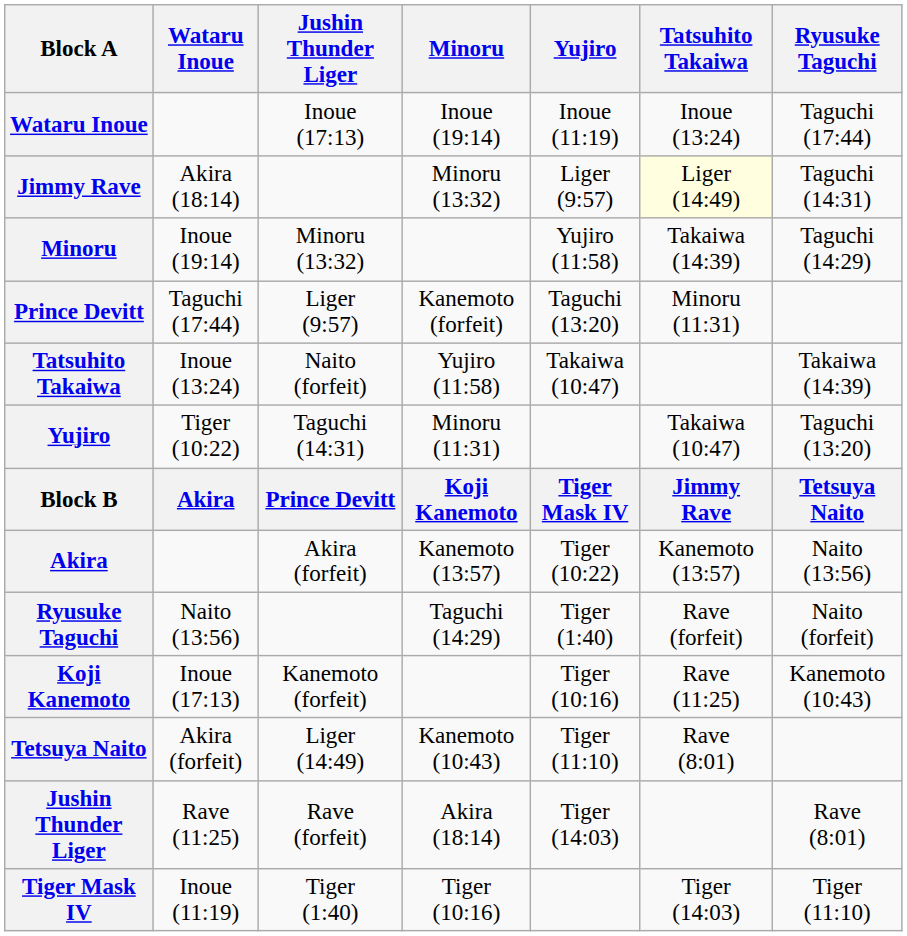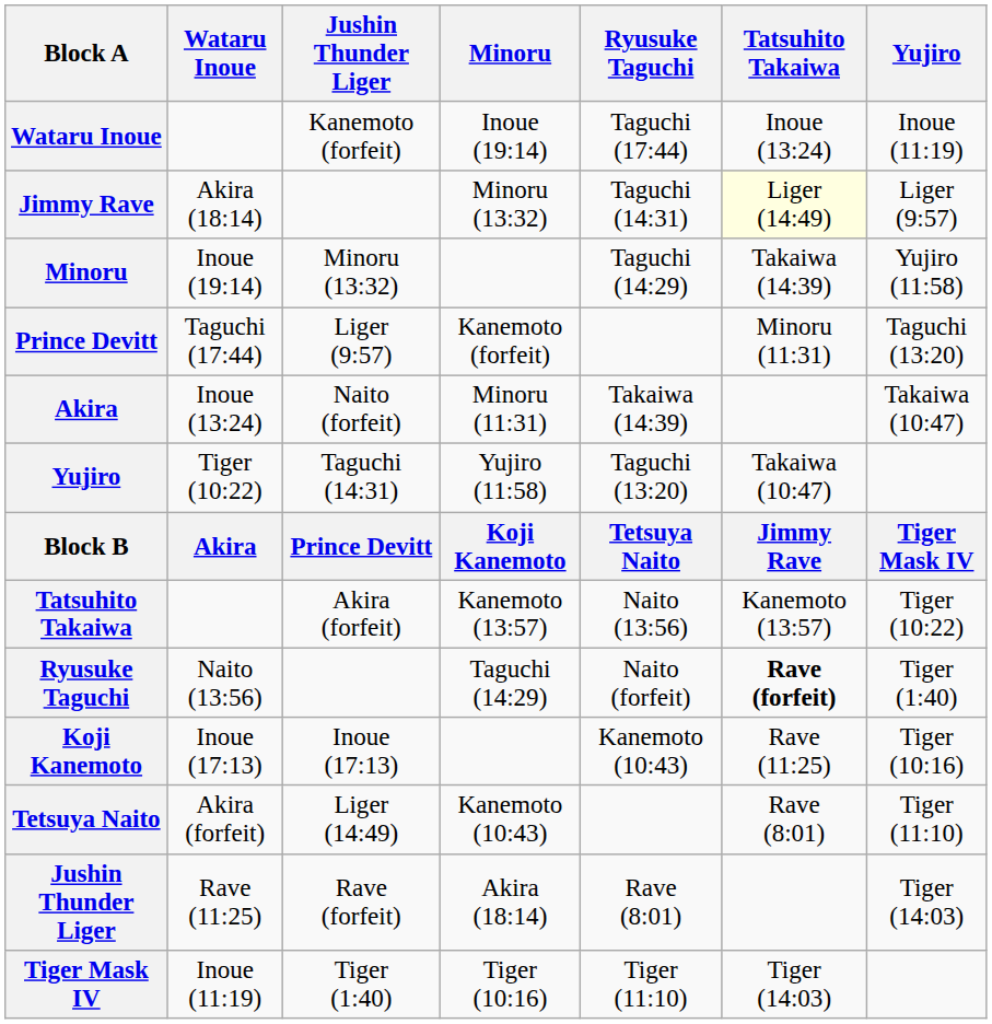 <table class="wikitable" style="margin: 1em auto 1em auto;text-align:center">
 <tr align="center">
 <th>Block A</th>
 <th><a href='#'>Wataru Inoue</a></th>
 <th><a href='#'>Jushin Thunder Liger</a></th>
 <th><a href='#'>Minoru</a></th>
+<th><a href='#'>Ryusuke Taguchi</a></th>
+<th><a href='#'>Tatsuhito Takaiwa</a></th>
 <th><a href='#'>Yujiro</a></th>
-<th><a href='#'>Tatsuhito Takaiwa</a></th>
-<th><a href='#'>Ryusuke Taguchi</a></th>
 </tr>
 <tr align="center">
 <th><a href='#'>Wataru Inoue</a></th>
 <td></td>
-<td>Inoue<br>(17:13)</td>
+<td>Kanemoto<br>(forfeit)</td>
 <td>Inoue<br>(19:14)</td>
+<td>Taguchi<br>(17:44)</td>
+<td>Inoue<br>(13:24)</td>
 <td>Inoue<br>(11:19)</td>
-<td>Inoue<br>(13:24)</td>
-<td>Taguchi<br>(17:44)</td>
 </tr>
 <tr align="center">
 <th><a href='#'>Jimmy Rave</a></th>
 <td>Akira<br>(18:14)</td>
 <td></td>
 <td>Minoru<br>(13:32)</td>
+<td>Taguchi<br>(14:31)</td>
+<td style="background: lightyellow;">Liger<br>(14:49)</td>
 <td>Liger<br>(9:57)</td>
-<td style="background: lightyellow;">Liger<br>(14:49)</td>
-<td>Taguchi<br>(14:31)</td>
 </tr>
 <tr align="center">
 <th><a href='#'>Minoru</a></th>
 <td>Inoue<br>(19:14)</td>
 <td>Minoru<br>(13:32)</td>
 <td></td>
+<td>Taguchi<br>(14:29)</td>
+<td>Takaiwa<br>(14:39)</td>
 <td>Yujiro<br>(11:58)</td>
-<td>Takaiwa<br>(14:39)</td>
-<td>Taguchi<br>(14:29)</td>
 </tr>
 <tr align="center">
 <th><a href='#'>Prince Devitt</a></th>
 <td>Taguchi<br>(17:44)</td>
 <td>Liger<br>(9:57)</td>
 <td>Kanemoto<br>(forfeit)</td>
+<td></td>
+<td>Minoru<br>(11:31)</td>
 <td>Taguchi<br>(13:20)</td>
-<td>Minoru<br>(11:31)</td>
-<td></td>
 </tr>
 <tr align="center">
-<th><a href='#'>Tatsuhito Takaiwa</a></th>
+<th><a href='#'>Akira</a></th>
 <td>Inoue<br>(13:24)</td>
 <td>Naito<br>(forfeit)</td>
-<td>Yujiro<br>(11:58)</td>
+<td>Minoru<br>(11:31)</td>
+<td>Takaiwa<br>(14:39)</td>
+<td></td>
 <td>Takaiwa<br>(10:47)</td>
-<td></td>
-<td>Takaiwa<br>(14:39)</td>
 </tr>
 <tr align="center">
 <th><a href='#'>Yujiro</a></th>
 <td>Tiger<br>(10:22)</td>
 <td>Taguchi<br>(14:31)</td>
-<td>Minoru<br>(11:31)</td>
+<td>Yujiro<br>(11:58)</td>
+<td>Taguchi<br>(13:20)</td>
+<td>Takaiwa<br>(10:47)</td>
 <td></td>
-<td>Takaiwa<br>(10:47)</td>
-<td>Taguchi<br>(13:20)</td>
 </tr>
 <tr align="center">
 <th>Block B</th>
 <th><a href='#'>Akira</a></th>
 <th><a href='#'>Prince Devitt</a></th>
 <th><a href='#'>Koji Kanemoto</a></th>
+<th><a href='#'>Tetsuya Naito</a></th>
+<th><a href='#'>Jimmy Rave</a></th>
 <th><a href='#'>Tiger Mask IV</a></th>
-<th><a href='#'>Jimmy Rave</a></th>
-<th><a href='#'>Tetsuya Naito</a></th>
 </tr>
 <tr align="center">
-<th><a href='#'>Akira</a></th>
+<th><a href='#'>Tatsuhito Takaiwa</a></th>
 <td></td>
 <td>Akira<br>(forfeit)</td>
 <td>Kanemoto<br>(13:57)</td>
+<td>Naito<br>(13:56)</td>
+<td>Kanemoto<br>(13:57)</td>
 <td>Tiger<br>(10:22)</td>
-<td>Kanemoto<br>(13:57)</td>
-<td>Naito<br>(13:56)</td>
 </tr>
 <tr align="center">
 <th><a href='#'>Ryusuke Taguchi</a></th>
 <td>Naito<br>(13:56)</td>
 <td></td>
 <td>Taguchi<br>(14:29)</td>
+<td>Naito<br>(forfeit)</td>
+<td><strong>Rave<br>(forfeit)</strong></td>
 <td>Tiger<br>(1:40)</td>
-<td>Rave<br>(forfeit)</td>
-<td>Naito<br>(forfeit)</td>
 </tr>
 <tr align="center">
 <th><a href='#'>Koji Kanemoto</a></th>
 <td>Inoue<br>(17:13)</td>
-<td>Kanemoto<br>(forfeit)</td>
+<td>Inoue<br>(17:13)</td>
 <td></td>
+<td>Kanemoto<br>(10:43)</td>
+<td>Rave<br>(11:25)</td>
 <td>Tiger<br>(10:16)</td>
-<td>Rave<br>(11:25)</td>
-<td>Kanemoto<br>(10:43)</td>
 </tr>
 <tr align="center">
 <th><a href='#'>Tetsuya Naito</a></th>
 <td>Akira<br>(forfeit)</td>
 <td>Liger<br>(14:49)</td>
 <td>Kanemoto<br>(10:43)</td>
+<td></td>
+<td>Rave<br>(8:01)</td>
 <td>Tiger<br>(11:10)</td>
-<td>Rave<br>(8:01)</td>
-<td></td>
 </tr>
 <tr align="center">
 <th><a href='#'>Jushin Thunder Liger</a></th>
 <td>Rave<br>(11:25)</td>
 <td>Rave<br>(forfeit)</td>
 <td>Akira<br>(18:14)</td>
+<td>Rave<br>(8:01)</td>
+<td></td>
 <td>Tiger<br>(14:03)</td>
-<td></td>
-<td>Rave<br>(8:01)</td>
 </tr>
 <tr align="center">
 <th><a href='#'>Tiger Mask IV</a></th>
 <td>Inoue<br>(11:19)</td>
 <td>Tiger<br>(1:40)</td>
 <td>Tiger<br>(10:16)</td>
+<td>Tiger<br>(11:10)</td>
+<td>Tiger<br>(14:03)</td>
 <td></td>
-<td>Tiger<br>(14:03)</td>
-<td>Tiger<br>(11:10)</td>
 </tr>
 </table>
